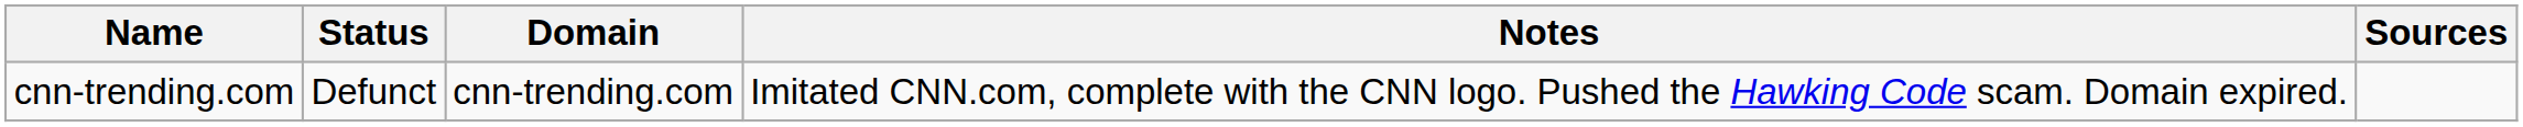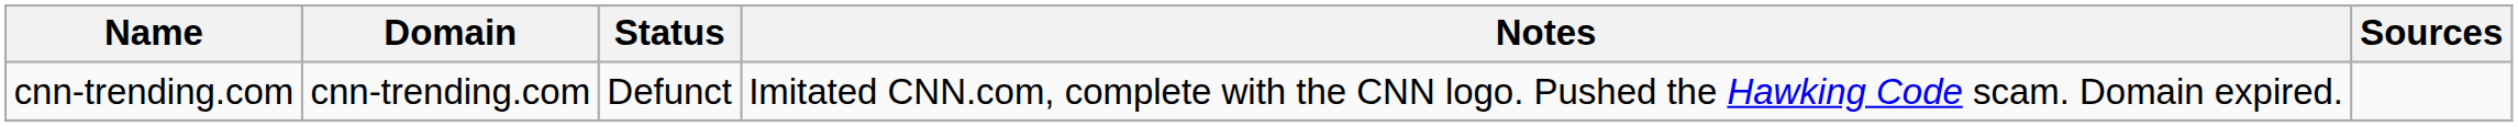 <table class="wikitable sortable mw-collapsible mw-collapsed">
 <tr>
 <th>Name</th>
+<th>Domain</th>
 <th>Status</th>
-<th>Domain</th>
 <th class="sortable">Notes</th>
 <th class="unsortable">Sources</th>
 </tr>
 <tr>
 <td>cnn-trending.com</td>
+<td>cnn-trending.com</td>
 <td>Defunct</td>
-<td>cnn-trending.com</td>
 <td>Imitated CNN.com, complete with the CNN logo. Pushed the <em><a href='#'>Hawking Code</a></em> scam. Domain expired.</td>
 <td></td>
 </tr>
 </table>
